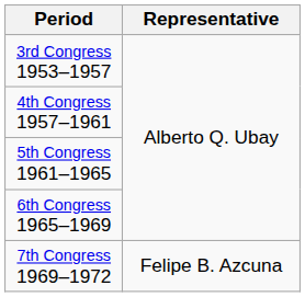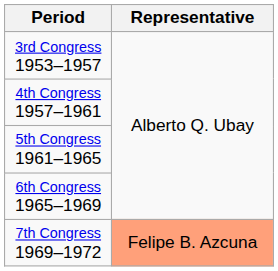 <table class="wikitable" style="text-align:center; width:40%;">
 <tr>
 <th width="40%">Period</th>
 <th>Representative</th>
 </tr>
 <tr>
 <td><small><a href='#'>3rd Congress</a></small><br>1953–1957</td>
 <td rowspan="4">Alberto Q. Ubay</td>
 </tr>
 <tr>
 <td><small><a href='#'>4th Congress</a></small><br>1957–1961</td>
 </tr>
 <tr>
 <td><small><a href='#'>5th Congress</a></small><br>1961–1965</td>
 </tr>
 <tr>
 <td><small><a href='#'>6th Congress</a></small><br>1965–1969</td>
 </tr>
 <tr>
 <td><small><a href='#'>7th Congress</a></small><br>1969–1972</td>
-<td>Felipe B. Azcuna</td>
+<td style="background: lightsalmon;">Felipe B. Azcuna</td>
 </tr>
 </table>
